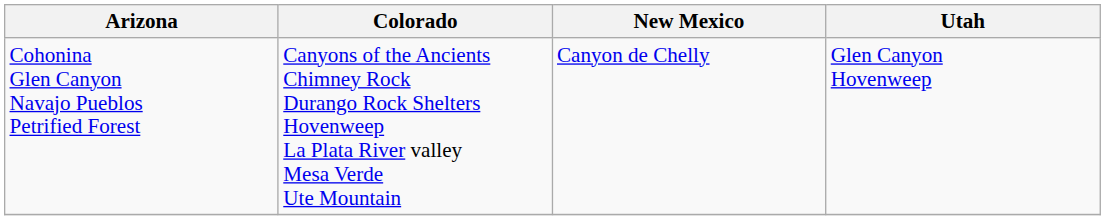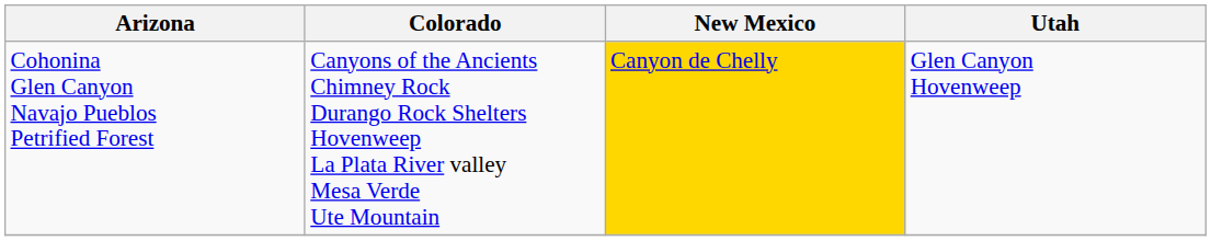 <table class="wikitable">
 <tr>
 <th scope="col"  width="200px">Arizona</th>
 <th scope="col"  width="200px">Colorado</th>
 <th scope="col"  width="200px">New Mexico</th>
 <th scope="col"  width="200px">Utah</th>
 </tr>
 <tr valign="top">
 <td><a href='#'>Cohonina</a><br><a href='#'>Glen Canyon</a><br><a href='#'>Navajo Pueblos</a><br><a href='#'>Petrified Forest</a></td>
 <td><a href='#'>Canyons of the Ancients</a><br><a href='#'>Chimney Rock</a><br><a href='#'>Durango Rock Shelters</a><br><a href='#'>Hovenweep</a><br><a href='#'>La Plata River</a> valley<br><a href='#'>Mesa Verde</a><br><a href='#'>Ute Mountain</a></td>
-<td><a href='#'>Canyon de Chelly</a></td>
+<td style="background: gold;"><a href='#'>Canyon de Chelly</a></td>
 <td><a href='#'>Glen Canyon</a><br><a href='#'>Hovenweep</a></td>
 </tr>
 <tr>
 </tr>
 </table>
